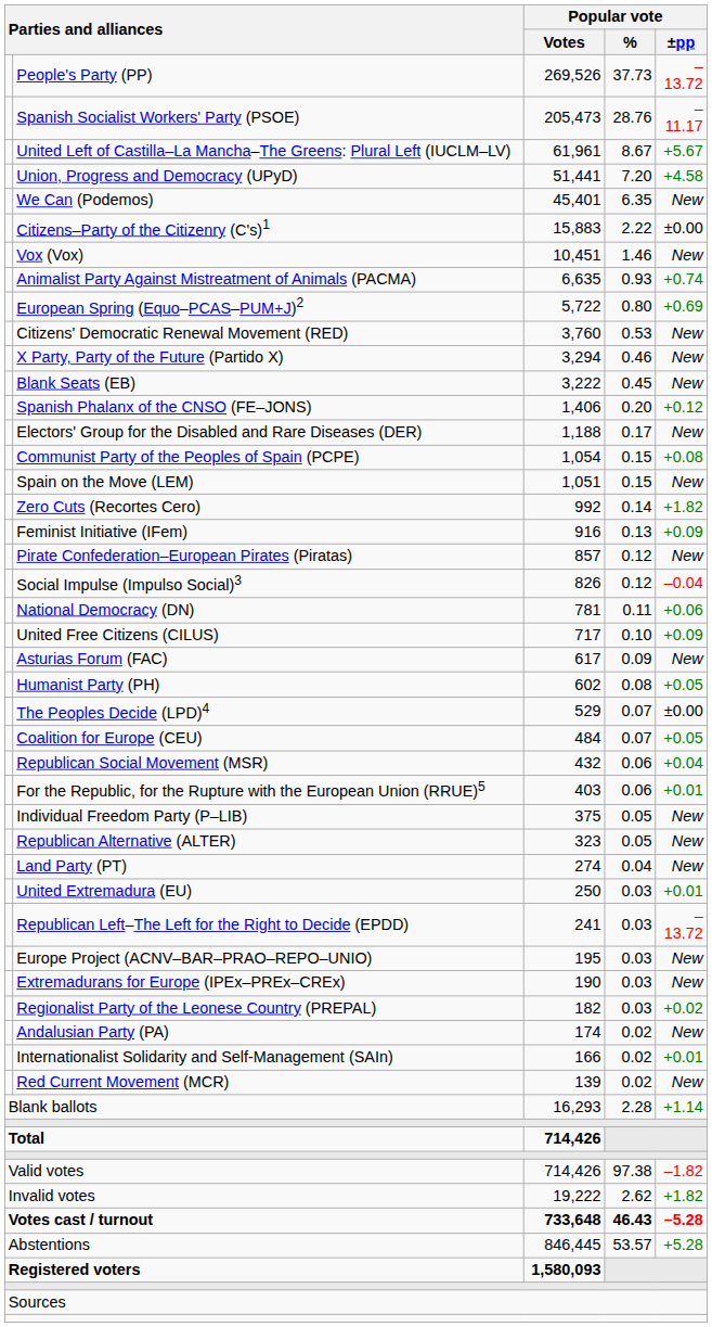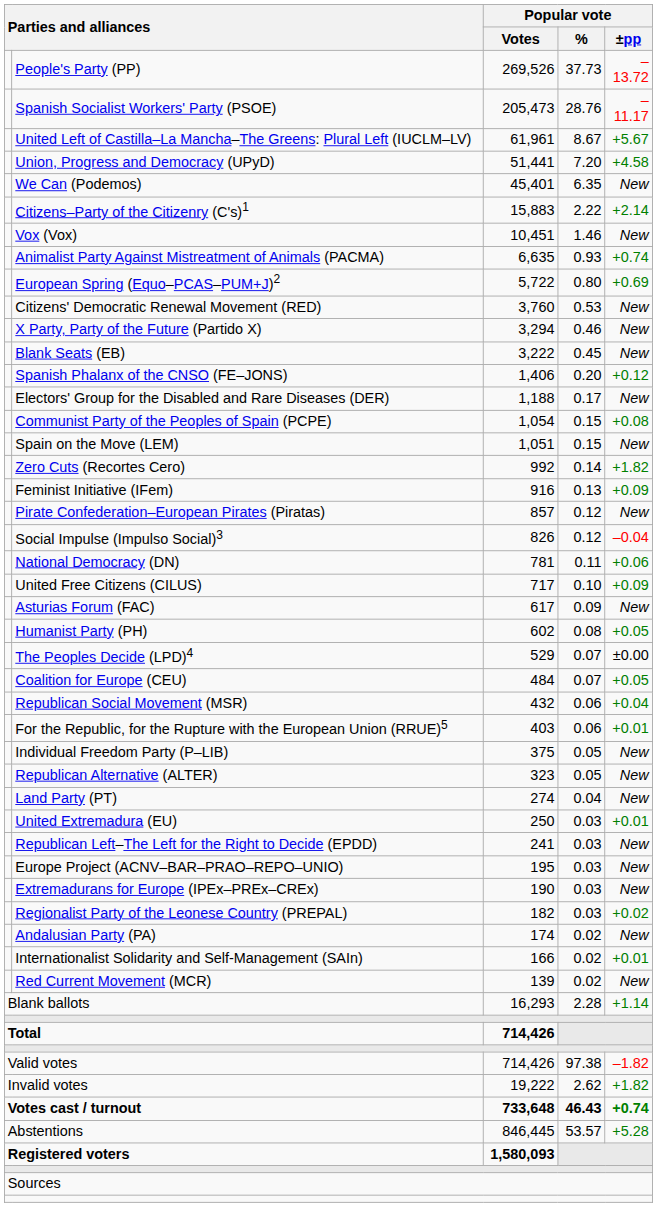 <table class="wikitable" style="text-align:right">
 <tr>
 <th style="text-align:left;" rowspan="2" colspan="2" width="525">Parties and alliances</th>
 <th colspan="3">Popular vote</th>
 </tr>
 <tr>
 <th width="75">Votes</th>
 <th width="45">%</th>
 <th width="45">±<a href='#'>pp</a></th>
 </tr>
 <tr>
 <td width="1" style="color:inherit;background:"></td>
 <td align="left"><a href='#'>People's Party</a> (PP)</td>
 <td>269,526</td>
 <td>37.73</td>
 <td style="color:red;">–13.72</td>
 </tr>
 <tr>
 <td style="color:inherit;background:"></td>
 <td align="left"><a href='#'>Spanish Socialist Workers' Party</a> (PSOE)</td>
 <td>205,473</td>
 <td>28.76</td>
 <td style="color:red;">–11.17</td>
 </tr>
 <tr>
 <td style="color:inherit;background:"></td>
 <td align="left"><a href='#'>United Left of Castilla–La Mancha</a>–<a href='#'>The Greens</a>: <a href='#'>Plural Left</a> (IUCLM–LV)</td>
 <td>61,961</td>
 <td>8.67</td>
 <td style="color:green;">+5.67</td>
 </tr>
 <tr>
 <td style="color:inherit;background:"></td>
 <td align="left"><a href='#'>Union, Progress and Democracy</a> (UPyD)</td>
 <td>51,441</td>
 <td>7.20</td>
 <td style="color:green;">+4.58</td>
 </tr>
 <tr>
 <td style="color:inherit;background:"></td>
 <td align="left"><a href='#'>We Can</a> (Podemos)</td>
 <td>45,401</td>
 <td>6.35</td>
 <td><em>New</em></td>
 </tr>
 <tr>
 <td style="color:inherit;background:"></td>
 <td align="left"><a href='#'>Citizens–Party of the Citizenry</a> (C's)<sup>1</sup></td>
 <td>15,883</td>
 <td>2.22</td>
-<td>±0.00</td>
+<td style="color:green;">+2.14</td>
 </tr>
 <tr>
 <td style="color:inherit;background:"></td>
 <td align="left"><a href='#'>Vox</a> (Vox)</td>
 <td>10,451</td>
 <td>1.46</td>
 <td><em>New</em></td>
 </tr>
 <tr>
 <td style="color:inherit;background:"></td>
 <td align="left"><a href='#'>Animalist Party Against Mistreatment of Animals</a> (PACMA)</td>
 <td>6,635</td>
 <td>0.93</td>
 <td style="color:green;">+0.74</td>
 </tr>
 <tr>
 <td style="color:inherit;background:"></td>
 <td align="left"><a href='#'>European Spring</a> (<a href='#'>Equo</a>–<a href='#'>PCAS</a>–<a href='#'>PUM+J</a>)<sup>2</sup></td>
 <td>5,722</td>
 <td>0.80</td>
 <td style="color:green;">+0.69</td>
 </tr>
 <tr>
 <td style="color:inherit;background:"></td>
 <td align="left">Citizens' Democratic Renewal Movement (RED)</td>
 <td>3,760</td>
 <td>0.53</td>
 <td><em>New</em></td>
 </tr>
 <tr>
 <td style="color:inherit;background:"></td>
 <td align="left"><a href='#'>X Party, Party of the Future</a> (Partido X)</td>
 <td>3,294</td>
 <td>0.46</td>
 <td><em>New</em></td>
 </tr>
 <tr>
 <td style="color:inherit;background:"></td>
 <td align="left"><a href='#'>Blank Seats</a> (EB)</td>
 <td>3,222</td>
 <td>0.45</td>
 <td><em>New</em></td>
 </tr>
 <tr>
 <td style="color:inherit;background:"></td>
 <td align="left"><a href='#'>Spanish Phalanx of the CNSO</a> (FE–JONS)</td>
 <td>1,406</td>
 <td>0.20</td>
 <td style="color:green;">+0.12</td>
 </tr>
 <tr>
 <td style="color:inherit;background:"></td>
 <td align="left">Electors' Group for the Disabled and Rare Diseases (DER)</td>
 <td>1,188</td>
 <td>0.17</td>
 <td><em>New</em></td>
 </tr>
 <tr>
 <td style="color:inherit;background:"></td>
 <td align="left"><a href='#'>Communist Party of the Peoples of Spain</a> (PCPE)</td>
 <td>1,054</td>
 <td>0.15</td>
 <td style="color:green;">+0.08</td>
 </tr>
 <tr>
 <td style="color:inherit;background:"></td>
 <td align="left">Spain on the Move (LEM)</td>
 <td>1,051</td>
 <td>0.15</td>
 <td><em>New</em></td>
 </tr>
 <tr>
 <td style="color:inherit;background:"></td>
 <td align="left"><a href='#'>Zero Cuts</a> (Recortes Cero)</td>
 <td>992</td>
 <td>0.14</td>
 <td style="color:green;">+1.82</td>
 </tr>
 <tr>
 <td style="color:inherit;background:"></td>
 <td align="left">Feminist Initiative (IFem)</td>
 <td>916</td>
 <td>0.13</td>
 <td style="color:green;">+0.09</td>
 </tr>
 <tr>
 <td style="color:inherit;background:"></td>
 <td align="left"><a href='#'>Pirate Confederation–European Pirates</a> (Piratas)</td>
 <td>857</td>
 <td>0.12</td>
 <td><em>New</em></td>
 </tr>
 <tr>
 <td style="color:inherit;background:"></td>
 <td align="left">Social Impulse (Impulso Social)<sup>3</sup></td>
 <td>826</td>
 <td>0.12</td>
 <td style="color:red;">–0.04</td>
 </tr>
 <tr>
 <td style="color:inherit;background:"></td>
 <td align="left"><a href='#'>National Democracy</a> (DN)</td>
 <td>781</td>
 <td>0.11</td>
 <td style="color:green;">+0.06</td>
 </tr>
 <tr>
 <td style="color:inherit;background:"></td>
 <td align="left">United Free Citizens (CILUS)</td>
 <td>717</td>
 <td>0.10</td>
 <td style="color:green;">+0.09</td>
 </tr>
 <tr>
 <td style="color:inherit;background:"></td>
 <td align="left"><a href='#'>Asturias Forum</a> (FAC)</td>
 <td>617</td>
 <td>0.09</td>
 <td><em>New</em></td>
 </tr>
 <tr>
 <td style="color:inherit;background:"></td>
 <td align="left"><a href='#'>Humanist Party</a> (PH)</td>
 <td>602</td>
 <td>0.08</td>
 <td style="color:green;">+0.05</td>
 </tr>
 <tr>
 <td style="color:inherit;background:"></td>
 <td align="left"><a href='#'>The Peoples Decide</a> (LPD)<sup>4</sup></td>
 <td>529</td>
 <td>0.07</td>
 <td>±0.00</td>
 </tr>
 <tr>
 <td style="color:inherit;background:"></td>
 <td align="left"><a href='#'>Coalition for Europe</a> (CEU)</td>
 <td>484</td>
 <td>0.07</td>
 <td style="color:green;">+0.05</td>
 </tr>
 <tr>
 <td style="color:inherit;background:"></td>
 <td align="left"><a href='#'>Republican Social Movement</a> (MSR)</td>
 <td>432</td>
 <td>0.06</td>
 <td style="color:green;">+0.04</td>
 </tr>
 <tr>
 <td style="color:inherit;background:"></td>
 <td align="left">For the Republic, for the Rupture with the European Union (RRUE)<sup>5</sup></td>
 <td>403</td>
 <td>0.06</td>
 <td style="color:green;">+0.01</td>
 </tr>
 <tr>
 <td style="color:inherit;background:"></td>
 <td align="left">Individual Freedom Party (P–LIB)</td>
 <td>375</td>
 <td>0.05</td>
 <td><em>New</em></td>
 </tr>
 <tr>
 <td style="color:inherit;background:"></td>
 <td align="left"><a href='#'>Republican Alternative</a> (ALTER)</td>
 <td>323</td>
 <td>0.05</td>
 <td><em>New</em></td>
 </tr>
 <tr>
 <td style="color:inherit;background:"></td>
 <td align="left"><a href='#'>Land Party</a> (PT)</td>
 <td>274</td>
 <td>0.04</td>
 <td><em>New</em></td>
 </tr>
 <tr>
 <td style="color:inherit;background:"></td>
 <td align="left"><a href='#'>United Extremadura</a> (EU)</td>
 <td>250</td>
 <td>0.03</td>
 <td style="color:green;">+0.01</td>
 </tr>
 <tr>
 <td style="color:inherit;background:"></td>
 <td align="left"><a href='#'>Republican Left</a>–<a href='#'>The Left for the Right to Decide</a> (EPDD)</td>
 <td>241</td>
 <td>0.03</td>
-<td style="color:red;">–13.72</td>
+<td><em>New</em></td>
 </tr>
 <tr>
 <td style="color:inherit;background:"></td>
 <td align="left">Europe Project (ACNV–BAR–PRAO–REPO–UNIO)</td>
 <td>195</td>
 <td>0.03</td>
 <td><em>New</em></td>
 </tr>
 <tr>
 <td style="color:inherit;background:"></td>
 <td align="left"><a href='#'>Extremadurans for Europe</a> (IPEx–PREx–CREx)</td>
 <td>190</td>
 <td>0.03</td>
 <td><em>New</em></td>
 </tr>
 <tr>
 <td style="color:inherit;background:"></td>
 <td align="left"><a href='#'>Regionalist Party of the Leonese Country</a> (PREPAL)</td>
 <td>182</td>
 <td>0.03</td>
 <td style="color:green;">+0.02</td>
 </tr>
 <tr>
 <td style="color:inherit;background:"></td>
 <td align="left"><a href='#'>Andalusian Party</a> (PA)</td>
 <td>174</td>
 <td>0.02</td>
 <td><em>New</em></td>
 </tr>
 <tr>
 <td style="color:inherit;background:"></td>
 <td align="left">Internationalist Solidarity and Self-Management (SAIn)</td>
 <td>166</td>
 <td>0.02</td>
 <td style="color:green;">+0.01</td>
 </tr>
 <tr>
 <td style="color:inherit;background:"></td>
 <td align="left"><a href='#'>Red Current Movement</a> (MCR)</td>
 <td>139</td>
 <td>0.02</td>
 <td><em>New</em></td>
 </tr>
 <tr>
 <td align="left" colspan="2">Blank ballots</td>
 <td>16,293</td>
 <td>2.28</td>
 <td style="color:green;">+1.14</td>
 </tr>
 <tr>
 <td colspan="5" bgcolor="#E9E9E9"></td>
 </tr>
 <tr style="font-weight:bold;">
 <td align="left" colspan="2">Total</td>
 <td>714,426</td>
 <td bgcolor="#E9E9E9" colspan="2"></td>
 </tr>
 <tr>
 <td colspan="5" bgcolor="#E9E9E9"></td>
 </tr>
 <tr>
 <td align="left" colspan="2">Valid votes</td>
 <td>714,426</td>
 <td>97.38</td>
 <td style="color:red;">–1.82</td>
 </tr>
 <tr>
 <td align="left" colspan="2">Invalid votes</td>
 <td>19,222</td>
 <td>2.62</td>
 <td style="color:green;">+1.82</td>
 </tr>
 <tr style="font-weight:bold;">
 <td align="left" colspan="2">Votes cast / turnout</td>
 <td>733,648</td>
 <td>46.43</td>
-<td style="color:red;">–5.28</td>
+<td style="color:green;">+0.74</td>
 </tr>
 <tr>
 <td align="left" colspan="2">Abstentions</td>
 <td>846,445</td>
 <td>53.57</td>
 <td style="color:green;">+5.28</td>
 </tr>
 <tr style="font-weight:bold;">
 <td align="left" colspan="2">Registered voters</td>
 <td>1,580,093</td>
 <td bgcolor="#E9E9E9" colspan="2"></td>
 </tr>
 <tr>
 <td colspan="5" bgcolor="#E9E9E9"></td>
 </tr>
 <tr>
 <td align="left" colspan="5">Sources</td>
 </tr>
 <tr>
 <td colspan="5" style="text-align:left; max-width:680px;"></td>
 </tr>
 </table>
